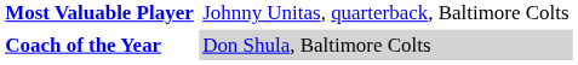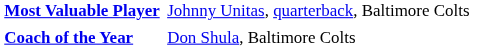 <table cellpadding="3" cellspacing="1">
 <tr>
 <td><strong><a href='#'>Most Valuable Player</a></strong></td>
 <td><a href='#'>Johnny Unitas</a>, <a href='#'>quarterback</a>, Baltimore Colts</td>
 </tr>
 <tr>
 <td><strong><a href='#'>Coach of the Year</a></strong></td>
-<td style="background: lightgrey;"><a href='#'>Don Shula</a>, Baltimore Colts</td>
+<td><a href='#'>Don Shula</a>, Baltimore Colts</td>
 </tr>
 </table>
